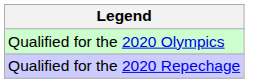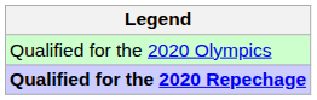 <table class="wikitable">
 <tr>
 <th>Legend</th>
 </tr>
 <tr bgcolor=ccffcc>
 <td>Qualified for the <a href='#'>2020 Olympics</a></td>
 </tr>
 <tr bgcolor=ccccff>
-<td>Qualified for the <a href='#'>2020 Repechage</a></td>
+<td><strong>Qualified for the <a href='#'>2020 Repechage</a></strong></td>
 </tr>
 </table>
